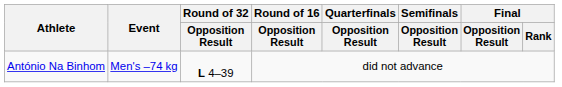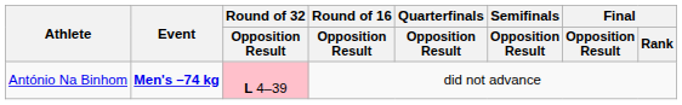 <table class="wikitable" style="text-align:left; font-size:90%">
 <tr>
 <th rowspan="2">Athlete</th>
 <th rowspan="2">Event</th>
 <th>Round of 32</th>
 <th>Round of 16</th>
 <th>Quarterfinals</th>
 <th>Semifinals</th>
 <th colspan=2>Final</th>
 </tr>
 <tr style="font-size: 95%">
 <th>Opposition<br>Result</th>
 <th>Opposition<br>Result</th>
 <th>Opposition<br>Result</th>
 <th>Opposition<br>Result</th>
 <th>Opposition<br>Result</th>
 <th>Rank</th>
 </tr>
 <tr align=center>
 <td align=left><a href='#'>António Na Binhom</a></td>
-<td align=left><a href='#'>Men's –74 kg</a></td>
-<td><br><strong>L</strong> 4–39</td>
+<td align=left><strong><a href='#'>Men's –74 kg</a></strong></td>
+<td style="background: pink;"><br><strong>L</strong> 4–39</td>
 <td colspan=5>did not advance</td>
 </tr>
 </table>
